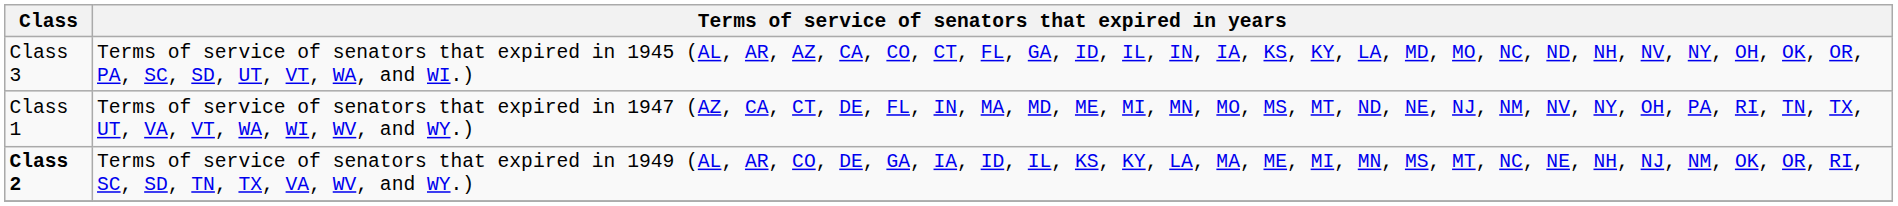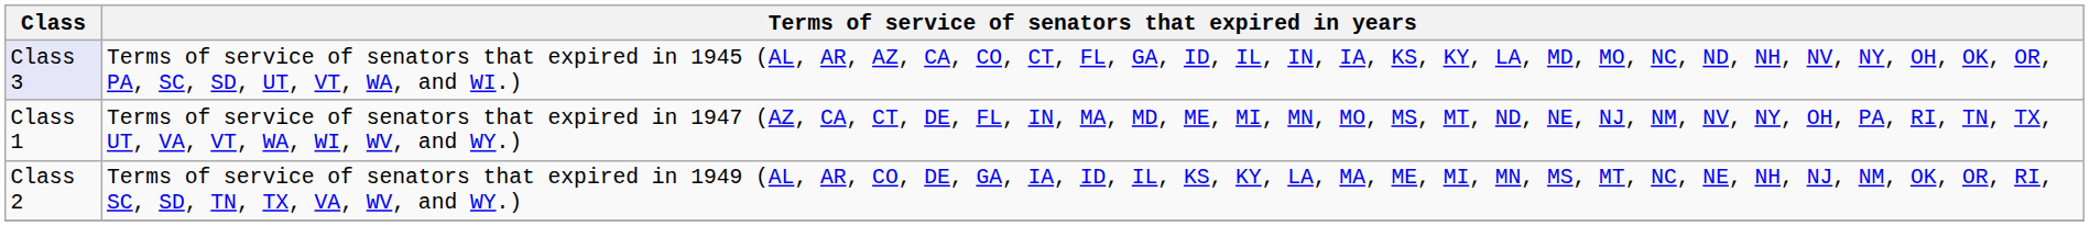 <table class="wikitable sortable">
 <tr valign=bottom>
 <th>Class</th>
 <th>Terms of service of senators that expired in years</th>
 </tr>
 <tr>
-<td>Class 3</td>
+<td style="background: lavender;">Class 3</td>
 <td>Terms of service of senators that expired in 1945 (<a href='#'>AL</a>, <a href='#'>AR</a>, <a href='#'>AZ</a>, <a href='#'>CA</a>, <a href='#'>CO</a>, <a href='#'>CT</a>, <a href='#'>FL</a>, <a href='#'>GA</a>, <a href='#'>ID</a>, <a href='#'>IL</a>, <a href='#'>IN</a>, <a href='#'>IA</a>, <a href='#'>KS</a>, <a href='#'>KY</a>, <a href='#'>LA</a>, <a href='#'>MD</a>, <a href='#'>MO</a>, <a href='#'>NC</a>, <a href='#'>ND</a>, <a href='#'>NH</a>, <a href='#'>NV</a>, <a href='#'>NY</a>, <a href='#'>OH</a>, <a href='#'>OK</a>, <a href='#'>OR</a>, <a href='#'>PA</a>, <a href='#'>SC</a>, <a href='#'>SD</a>, <a href='#'>UT</a>, <a href='#'>VT</a>, <a href='#'>WA</a>, and <a href='#'>WI</a>.)</td>
 </tr>
 <tr>
 <td>Class 1</td>
 <td>Terms of service of senators that expired in 1947 (<a href='#'>AZ</a>, <a href='#'>CA</a>, <a href='#'>CT</a>, <a href='#'>DE</a>, <a href='#'>FL</a>, <a href='#'>IN</a>, <a href='#'>MA</a>, <a href='#'>MD</a>, <a href='#'>ME</a>,  <a href='#'>MI</a>, <a href='#'>MN</a>, <a href='#'>MO</a>, <a href='#'>MS</a>, <a href='#'>MT</a>, <a href='#'>ND</a>, <a href='#'>NE</a>, <a href='#'>NJ</a>, <a href='#'>NM</a>, <a href='#'>NV</a>, <a href='#'>NY</a>, <a href='#'>OH</a>, <a href='#'>PA</a>, <a href='#'>RI</a>, <a href='#'>TN</a>, <a href='#'>TX</a>, <a href='#'>UT</a>, <a href='#'>VA</a>, <a href='#'>VT</a>, <a href='#'>WA</a>, <a href='#'>WI</a>, <a href='#'>WV</a>, and <a href='#'>WY</a>.)</td>
 </tr>
 <tr>
-<td><strong>Class 2</strong></td>
+<td>Class 2</td>
 <td>Terms of service of senators that expired in 1949 (<a href='#'>AL</a>, <a href='#'>AR</a>, <a href='#'>CO</a>, <a href='#'>DE</a>, <a href='#'>GA</a>, <a href='#'>IA</a>, <a href='#'>ID</a>, <a href='#'>IL</a>, <a href='#'>KS</a>, <a href='#'>KY</a>, <a href='#'>LA</a>, <a href='#'>MA</a>, <a href='#'>ME</a>, <a href='#'>MI</a>, <a href='#'>MN</a>, <a href='#'>MS</a>, <a href='#'>MT</a>, <a href='#'>NC</a>, <a href='#'>NE</a>, <a href='#'>NH</a>, <a href='#'>NJ</a>, <a href='#'>NM</a>, <a href='#'>OK</a>, <a href='#'>OR</a>, <a href='#'>RI</a>, <a href='#'>SC</a>, <a href='#'>SD</a>, <a href='#'>TN</a>, <a href='#'>TX</a>, <a href='#'>VA</a>, <a href='#'>WV</a>, and <a href='#'>WY</a>.)</td>
 </tr>
 <tr>
 </tr>
 </table>
